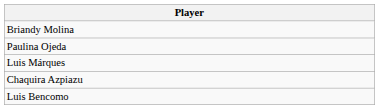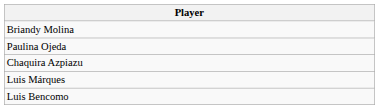 <table class="wikitable" style="border-collapse:collapse; width:90%">
 <tr>
 <th>Player</th>
 </tr>
 <tr>
 <td> Briandy Molina</td>
 </tr>
 <tr>
 <td> Paulina Ojeda</td>
 </tr>
 <tr>
-<td> Luis Márques</td>
+<td> Chaquira Azpiazu</td>
 </tr>
 <tr>
-<td> Chaquira Azpiazu</td>
+<td> Luis Márques</td>
 </tr>
 <tr>
 <td> Luis Bencomo</td>
 </tr>
 </table>
